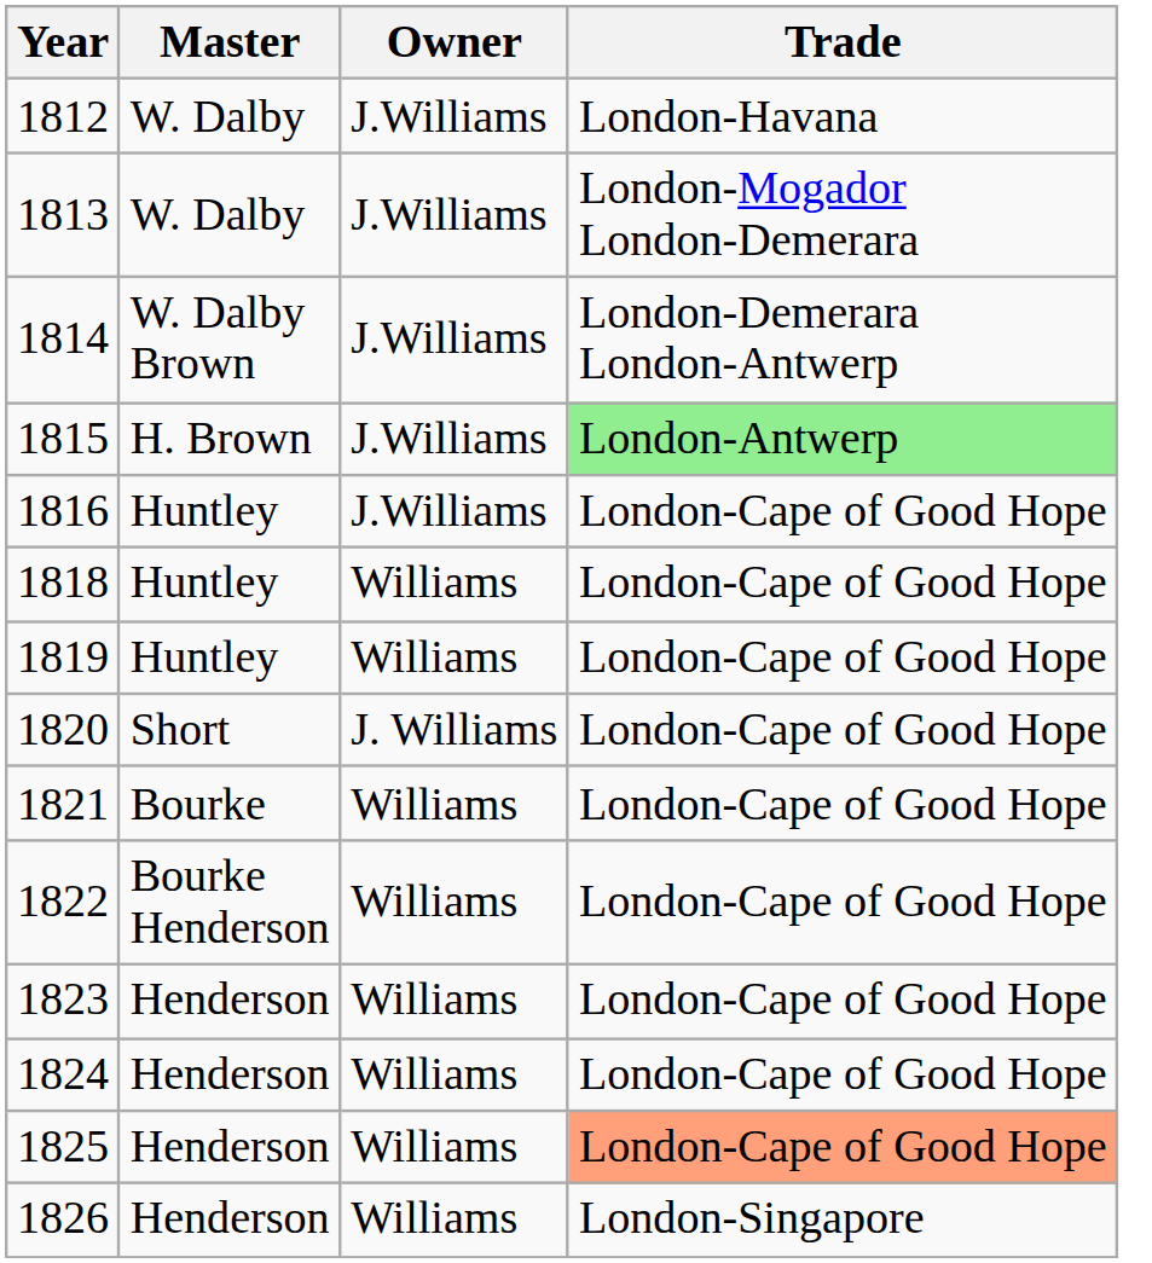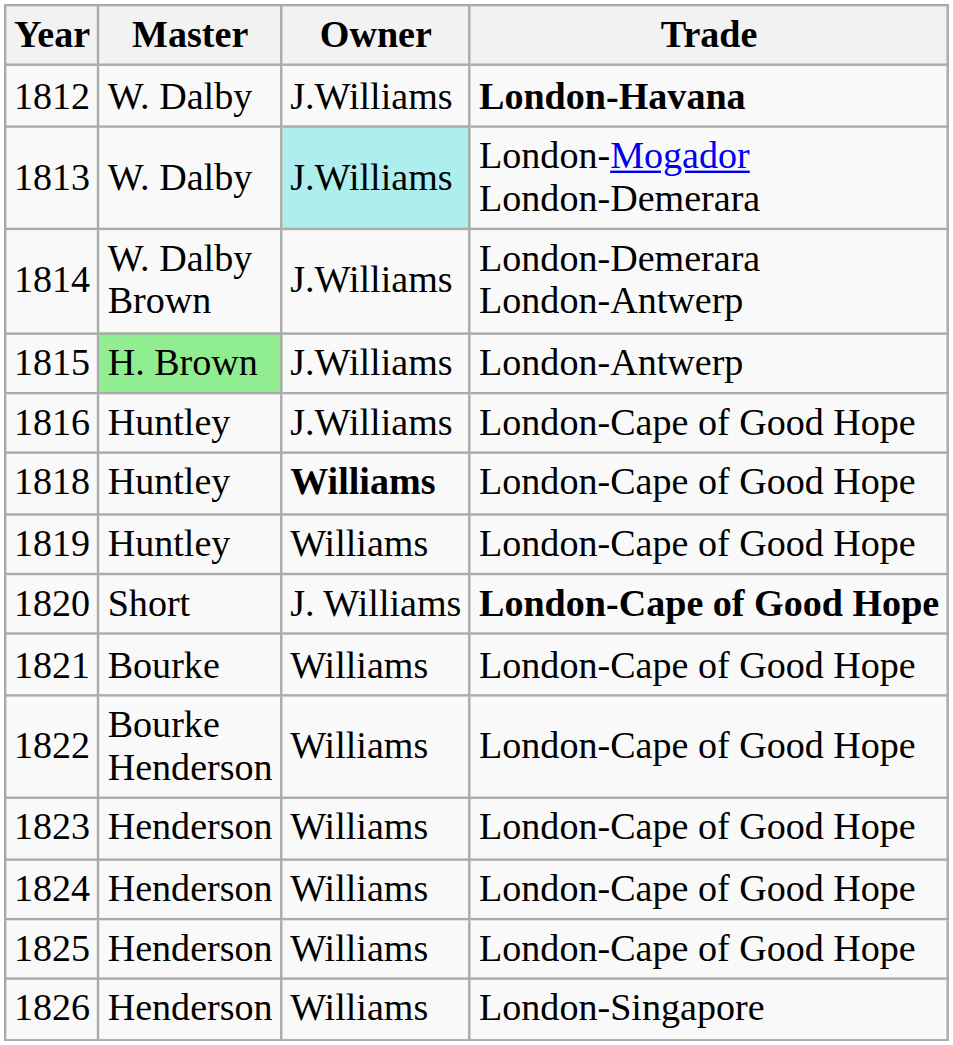 <table class="sortable wikitable">
 <tr>
 <th>Year</th>
 <th>Master</th>
 <th>Owner</th>
 <th>Trade</th>
 </tr>
 <tr>
 <td>1812</td>
 <td>W. Dalby</td>
 <td>J.Williams</td>
-<td>London-Havana</td>
+<td><strong>London-Havana</strong></td>
 </tr>
 <tr>
 <td>1813</td>
 <td>W. Dalby</td>
-<td>J.Williams</td>
+<td style="background: paleturquoise;">J.Williams</td>
 <td>London-<a href='#'>Mogador</a><br>London-Demerara</td>
 </tr>
 <tr>
 <td>1814</td>
 <td>W. Dalby<br>Brown</td>
 <td>J.Williams</td>
 <td>London-Demerara<br>London-Antwerp</td>
 </tr>
 <tr>
 <td>1815</td>
-<td>H. Brown</td>
+<td style="background: lightgreen;">H. Brown</td>
 <td>J.Williams</td>
-<td style="background: lightgreen;">London-Antwerp</td>
+<td>London-Antwerp</td>
 </tr>
 <tr>
 <td>1816</td>
 <td>Huntley</td>
 <td>J.Williams</td>
 <td>London-Cape of Good Hope</td>
 </tr>
 <tr>
 <td>1818</td>
 <td>Huntley</td>
-<td>Williams</td>
+<td><strong>Williams</strong></td>
 <td>London-Cape of Good Hope</td>
 </tr>
 <tr>
 <td>1819</td>
 <td>Huntley</td>
 <td>Williams</td>
 <td>London-Cape of Good Hope</td>
 </tr>
 <tr>
 <td>1820</td>
 <td>Short</td>
 <td>J. Williams</td>
-<td>London-Cape of Good Hope</td>
+<td><strong>London-Cape of Good Hope</strong></td>
 </tr>
 <tr>
 <td>1821</td>
 <td>Bourke</td>
 <td>Williams</td>
 <td>London-Cape of Good Hope</td>
 </tr>
 <tr>
 <td>1822</td>
 <td>Bourke<br>Henderson</td>
 <td>Williams</td>
 <td>London-Cape of Good Hope</td>
 </tr>
 <tr>
 <td>1823</td>
 <td>Henderson</td>
 <td>Williams</td>
 <td>London-Cape of Good Hope</td>
 </tr>
 <tr>
 <td>1824</td>
 <td>Henderson</td>
 <td>Williams</td>
 <td>London-Cape of Good Hope</td>
 </tr>
 <tr>
 <td>1825</td>
 <td>Henderson</td>
 <td>Williams</td>
-<td style="background: lightsalmon;">London-Cape of Good Hope</td>
+<td>London-Cape of Good Hope</td>
 </tr>
 <tr>
 <td>1826</td>
 <td>Henderson</td>
 <td>Williams</td>
 <td>London-Singapore</td>
 </tr>
 <tr>
 </tr>
 </table>
